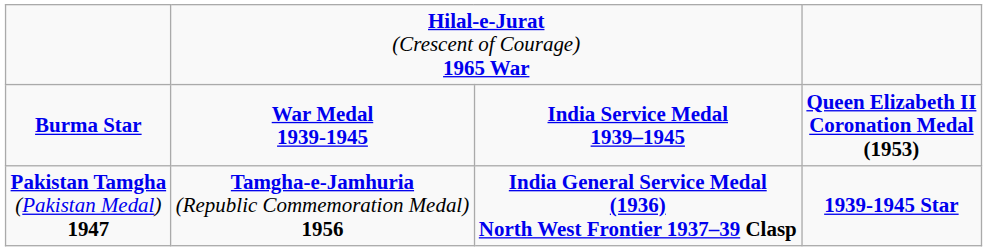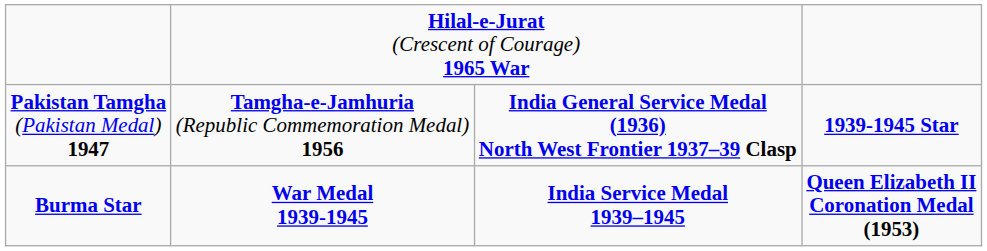 <table class="wikitable" style="margin:1em auto; text-align:center;">
 <tr>
 <td></td>
 <td colspan="2"><strong><a href='#'>Hilal-e-Jurat</a></strong><br><em>(Crescent of Courage)</em><br><strong><a href='#'>1965 War</a></strong></td>
 <td></td>
 </tr>
 <tr>
+<td><strong><a href='#'>Pakistan Tamgha</a></strong><br><em>(<a href='#'>Pakistan Medal</a>)</em><br><strong>1947</strong></td>
+<td><strong><a href='#'>Tamgha-e-Jamhuria</a></strong><br><em>(Republic Commemoration Medal)</em><br><strong>1956</strong></td>
+<td><strong><a href='#'>India General Service Medal</a></strong><br><strong><a href='#'>(1936)</a></strong><br><strong><a href='#'>North West Frontier 1937–39</a> Clasp</strong></td>
+<td><strong><a href='#'>1939-1945 Star</a></strong></td>
+</tr>
+<tr>
 <td><strong><a href='#'>Burma Star</a></strong></td>
 <td><strong><a href='#'>War Medal</a></strong><br><strong><a href='#'>1939-1945</a></strong></td>
 <td><strong><a href='#'>India Service Medal</a></strong><br><a href='#'><strong>1939–1945</strong></a></td>
 <td><strong><a href='#'>Queen Elizabeth II</a></strong><br><strong><a href='#'>Coronation Medal</a></strong><br><strong>(1953)</strong></td>
 </tr>
-<tr>
-<td><strong><a href='#'>Pakistan Tamgha</a></strong><br><em>(<a href='#'>Pakistan Medal</a>)</em><br><strong>1947</strong></td>
-<td><strong><a href='#'>Tamgha-e-Jamhuria</a></strong><br><em>(Republic Commemoration Medal)</em><br><strong>1956</strong></td>
-<td><strong><a href='#'>India General Service Medal</a></strong><br><strong><a href='#'>(1936)</a></strong><br><strong><a href='#'>North West Frontier 1937–39</a> Clasp</strong></td>
-<td><strong><a href='#'>1939-1945 Star</a></strong></td>
-</tr>
 </table>
